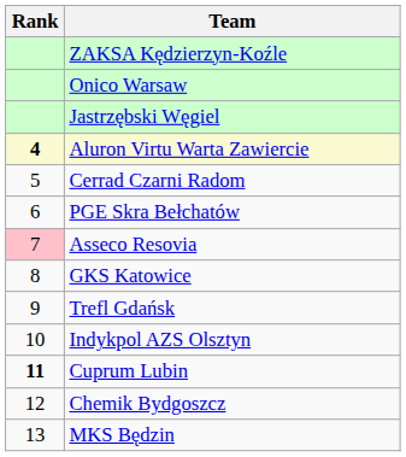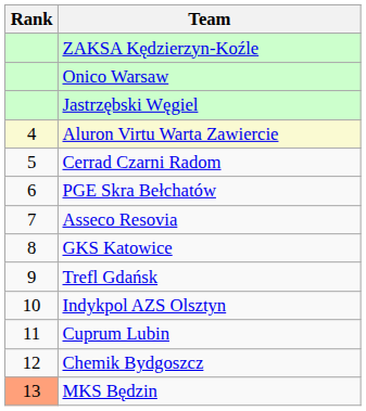 <table class="wikitable" style="white-space: nowrap; width:25%;">
 <tr>
 <th width=15%>Rank</th>
 <th>Team</th>
 </tr>
 <tr bgcolor=#CCFFCC>
 <td style="text-align:center;"></td>
 <td><a href='#'>ZAKSA Kędzierzyn-Koźle</a></td>
 </tr>
 <tr bgcolor=#CCFFCC>
 <td style="text-align:center;"></td>
 <td><a href='#'>Onico Warsaw</a></td>
 </tr>
 <tr bgcolor=#CCFFCC>
 <td style="text-align:center;"></td>
 <td><a href='#'>Jastrzębski Węgiel</a></td>
 </tr>
 <tr bgcolor=#FAFAD2>
-<td style="text-align:center;"><strong>4</strong></td>
+<td style="text-align:center;">4</td>
 <td><a href='#'>Aluron Virtu Warta Zawiercie</a></td>
 </tr>
 <tr>
 <td style="text-align:center;">5</td>
 <td><a href='#'>Cerrad Czarni Radom</a></td>
 </tr>
 <tr>
 <td style="text-align:center;">6</td>
 <td><a href='#'>PGE Skra Bełchatów</a></td>
 </tr>
 <tr>
-<td style="background: pink; text-align:center;">7</td>
+<td style="text-align:center;">7</td>
 <td><a href='#'>Asseco Resovia</a></td>
 </tr>
 <tr>
 <td style="text-align:center;">8</td>
 <td><a href='#'>GKS Katowice</a></td>
 </tr>
 <tr>
 <td style="text-align:center;">9</td>
 <td><a href='#'>Trefl Gdańsk</a></td>
 </tr>
 <tr>
 <td style="text-align:center;">10</td>
 <td><a href='#'>Indykpol AZS Olsztyn</a></td>
 </tr>
 <tr>
-<td style="text-align:center;"><strong>11</strong></td>
+<td style="text-align:center;">11</td>
 <td><a href='#'>Cuprum Lubin</a></td>
 </tr>
 <tr>
 <td style="text-align:center;">12</td>
 <td><a href='#'>Chemik Bydgoszcz</a></td>
 </tr>
 <tr>
-<td style="text-align:center;">13</td>
+<td style="background: lightsalmon; text-align:center;">13</td>
 <td><a href='#'>MKS Będzin</a></td>
 </tr>
 </table>
